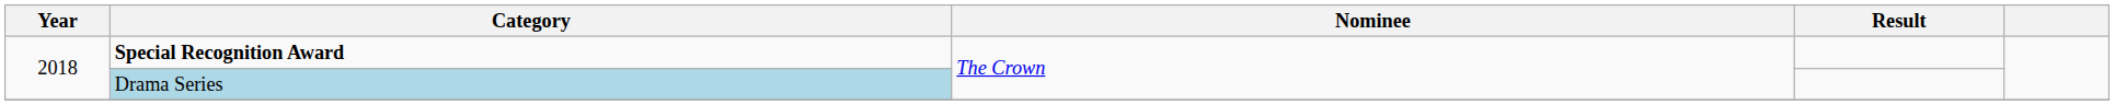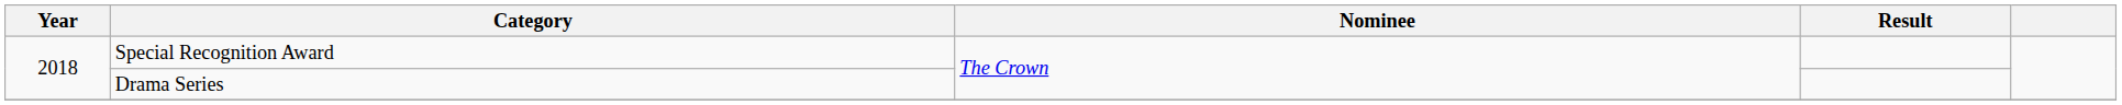 <table class="wikitable" style="width:85%;">
 <tr>
 <th width=5%>Year</th>
 <th style="width:40%;">Category</th>
 <th style="width:40%;">Nominee</th>
 <th style="width:10%;">Result</th>
 <th width=5%></th>
 </tr>
 <tr>
 <td style="text-align: center;" rowspan="2">2018</td>
-<td><strong>Special Recognition Award</strong></td>
+<td>Special Recognition Award</td>
 <td rowspan="2"><em><a href='#'>The Crown</a></em></td>
 <td></td>
 <td rowspan="2"></td>
 </tr>
 <tr>
-<td style="background: lightblue;">Drama Series</td>
+<td>Drama Series</td>
 <td></td>
 </tr>
 <tr>
 </tr>
 </table>
